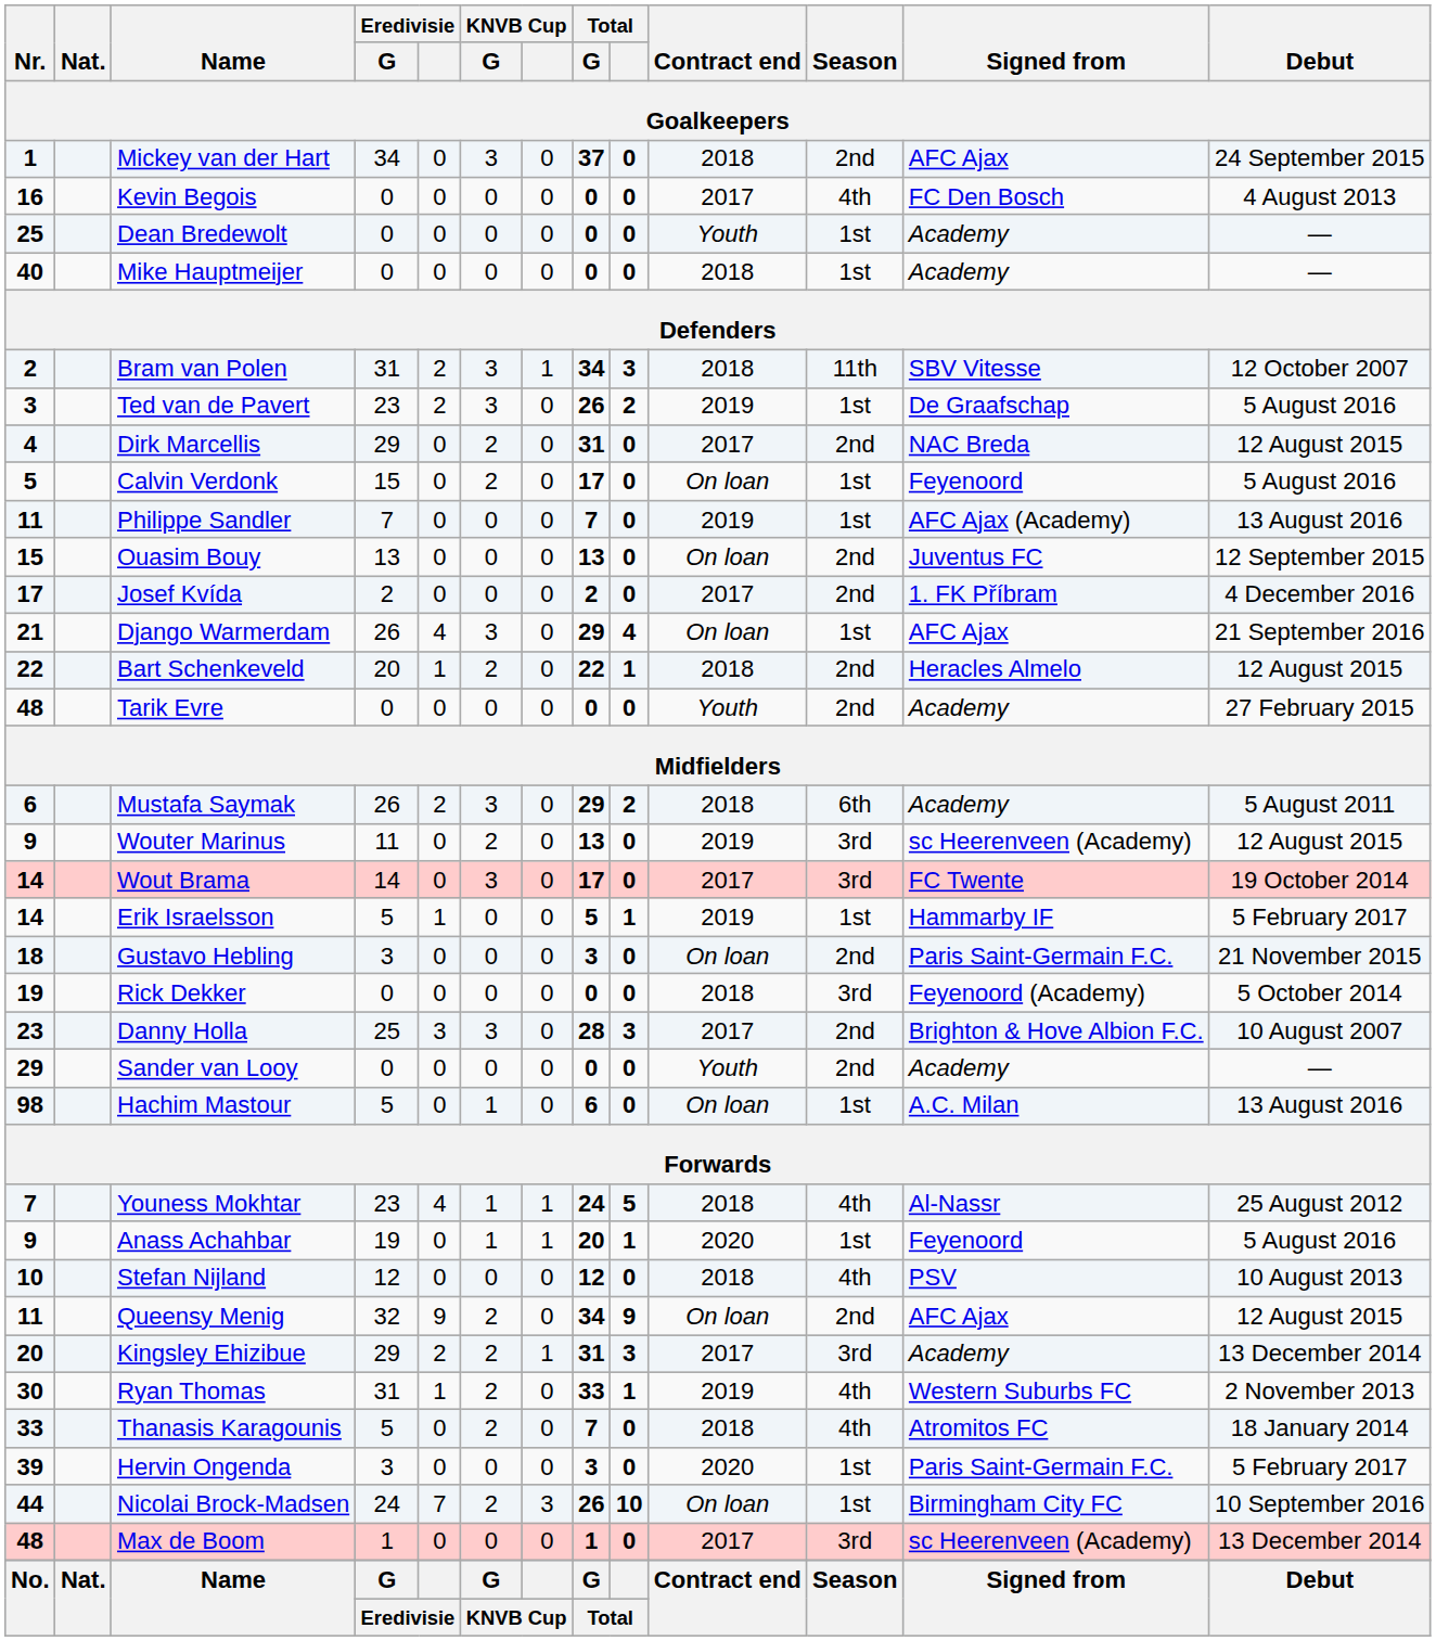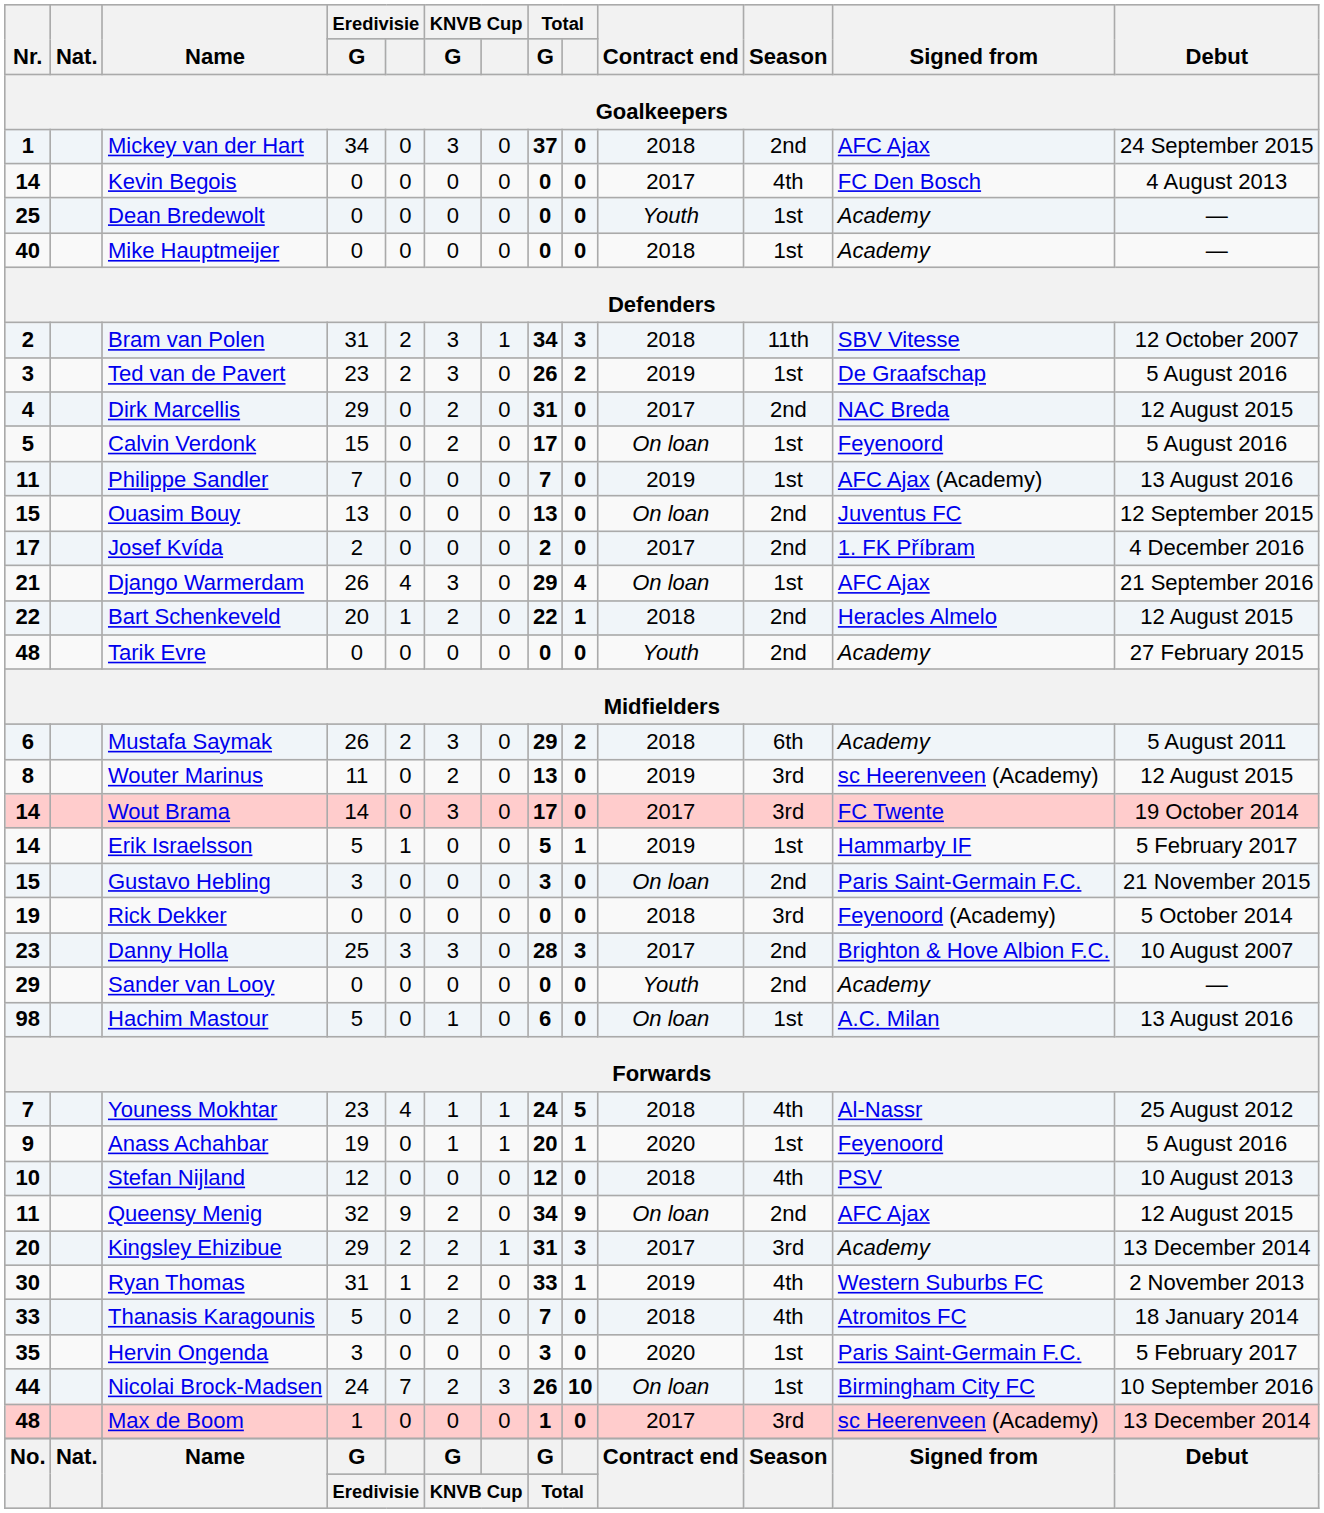 <table class="wikitable" style="font-size:85%; text-align: center;">
 <tr>
 <th rowspan="2" valign="bottom">Nr.</th>
 <th rowspan="2" valign="bottom">Nat.</th>
 <th rowspan="2" valign="bottom">Name</th>
 <th colspan="2"><small>Eredivisie</small></th>
 <th colspan="2"><small>KNVB Cup</small></th>
 <th colspan="2"><small>Total</small></th>
 <th rowspan="2" valign="bottom">Contract end</th>
 <th rowspan="2" valign="bottom">Season</th>
 <th rowspan="2" valign="bottom">Signed from</th>
 <th rowspan="2" valign="bottom">Debut</th>
 </tr>
 <tr bgcolor="#D7E5EF">
 <th>G</th>
 <th></th>
 <th>G</th>
 <th></th>
 <th>G</th>
 <th></th>
 </tr>
 <tr>
 <th colspan="15" align="left" style="padding-top:15px;">Goalkeepers</th>
 </tr>
 <tr bgcolor="#F0F5F9">
 <td><strong>1</strong></td>
 <td></td>
 <td align=left><a href='#'>Mickey van der Hart</a></td>
 <td>34</td>
 <td>0</td>
 <td>3</td>
 <td>0</td>
 <td><strong>37</strong></td>
 <td><strong>0</strong></td>
 <td>2018</td>
 <td>2nd</td>
 <td align="left"> <a href='#'>AFC Ajax</a></td>
 <td>24 September 2015</td>
 </tr>
 <tr>
-<td><strong>16</strong></td>
+<td><strong>14</strong></td>
 <td></td>
 <td align=left><a href='#'>Kevin Begois</a></td>
 <td>0</td>
 <td>0</td>
 <td>0</td>
 <td>0</td>
 <td><strong>0</strong></td>
 <td><strong>0</strong></td>
 <td>2017</td>
 <td>4th</td>
 <td align="left"> <a href='#'>FC Den Bosch</a></td>
 <td>4 August 2013</td>
 </tr>
 <tr bgcolor="#F0F5F9">
 <td><strong>25</strong></td>
 <td></td>
 <td align=left><a href='#'>Dean Bredewolt</a></td>
 <td>0</td>
 <td>0</td>
 <td>0</td>
 <td>0</td>
 <td><strong>0</strong></td>
 <td><strong>0</strong></td>
 <td><em>Youth</em></td>
 <td>1st</td>
 <td align="left"><em>Academy</em></td>
 <td>—</td>
 </tr>
 <tr>
 <td><strong>40</strong></td>
 <td></td>
 <td align=left><a href='#'>Mike Hauptmeijer</a></td>
 <td>0</td>
 <td>0</td>
 <td>0</td>
 <td>0</td>
 <td><strong>0</strong></td>
 <td><strong>0</strong></td>
 <td>2018</td>
 <td>1st</td>
 <td align="left"><em>Academy</em></td>
 <td>—</td>
 </tr>
 <tr>
 <th colspan="15" align="left" style="padding-top:15px;">Defenders</th>
 </tr>
 <tr bgcolor="#F0F5F9">
 <td><strong>2</strong></td>
 <td></td>
 <td align=left><a href='#'>Bram van Polen</a></td>
 <td>31</td>
 <td>2</td>
 <td>3</td>
 <td>1</td>
 <td><strong>34</strong></td>
 <td><strong>3</strong></td>
 <td>2018</td>
 <td>11th</td>
 <td align="left"> <a href='#'>SBV Vitesse</a></td>
 <td>12 October 2007</td>
 </tr>
 <tr>
 <td><strong>3</strong></td>
 <td></td>
 <td align=left><a href='#'>Ted van de Pavert</a></td>
 <td>23</td>
 <td>2</td>
 <td>3</td>
 <td>0</td>
 <td><strong>26</strong></td>
 <td><strong>2</strong></td>
 <td>2019</td>
 <td>1st</td>
 <td align="left"> <a href='#'>De Graafschap</a></td>
 <td>5 August 2016</td>
 </tr>
 <tr bgcolor="#F0F5F9">
 <td><strong>4</strong></td>
 <td></td>
 <td align=left><a href='#'>Dirk Marcellis</a></td>
 <td>29</td>
 <td>0</td>
 <td>2</td>
 <td>0</td>
 <td><strong>31</strong></td>
 <td><strong>0</strong></td>
 <td>2017</td>
 <td>2nd</td>
 <td align="left"> <a href='#'>NAC Breda</a></td>
 <td>12 August 2015</td>
 </tr>
 <tr>
 <td><strong>5</strong></td>
 <td></td>
 <td align=left><a href='#'>Calvin Verdonk</a></td>
 <td>15</td>
 <td>0</td>
 <td>2</td>
 <td>0</td>
 <td><strong>17</strong></td>
 <td><strong>0</strong></td>
 <td><em>On loan</em></td>
 <td>1st</td>
 <td align="left"> <a href='#'>Feyenoord</a></td>
 <td>5 August 2016</td>
 </tr>
 <tr bgcolor="#F0F5F9">
 <td><strong>11</strong></td>
 <td></td>
 <td align=left><a href='#'>Philippe Sandler</a></td>
 <td>7</td>
 <td>0</td>
 <td>0</td>
 <td>0</td>
 <td><strong>7</strong></td>
 <td><strong>0</strong></td>
 <td>2019</td>
 <td>1st</td>
 <td align="left"> <a href='#'>AFC Ajax</a> (Academy)</td>
 <td>13 August 2016</td>
 </tr>
 <tr>
 <td><strong>15</strong></td>
 <td></td>
 <td align=left><a href='#'>Ouasim Bouy</a></td>
 <td>13</td>
 <td>0</td>
 <td>0</td>
 <td>0</td>
 <td><strong>13</strong></td>
 <td><strong>0</strong></td>
 <td><em>On loan</em></td>
 <td>2nd</td>
 <td align="left"> <a href='#'>Juventus FC</a></td>
 <td>12 September 2015</td>
 </tr>
 <tr bgcolor="#F0F5F9">
 <td><strong>17</strong></td>
 <td></td>
 <td align=left><a href='#'>Josef Kvída</a></td>
 <td>2</td>
 <td>0</td>
 <td>0</td>
 <td>0</td>
 <td><strong>2</strong></td>
 <td><strong>0</strong></td>
 <td>2017</td>
 <td>2nd</td>
 <td align="left"> <a href='#'>1. FK Příbram</a></td>
 <td>4 December 2016</td>
 </tr>
 <tr>
 <td><strong>21</strong></td>
 <td></td>
 <td align=left><a href='#'>Django Warmerdam</a></td>
 <td>26</td>
 <td>4</td>
 <td>3</td>
 <td>0</td>
 <td><strong>29</strong></td>
 <td><strong>4</strong></td>
 <td><em>On loan</em></td>
 <td>1st</td>
 <td align="left"> <a href='#'>AFC Ajax</a></td>
 <td>21 September 2016</td>
 </tr>
 <tr bgcolor="#F0F5F9">
 <td><strong>22</strong></td>
 <td></td>
 <td align=left><a href='#'>Bart Schenkeveld</a></td>
 <td>20</td>
 <td>1</td>
 <td>2</td>
 <td>0</td>
 <td><strong>22</strong></td>
 <td><strong>1</strong></td>
 <td>2018</td>
 <td>2nd</td>
 <td align="left"> <a href='#'>Heracles Almelo</a></td>
 <td>12 August 2015</td>
 </tr>
 <tr>
 <td><strong>48</strong></td>
 <td></td>
 <td align=left><a href='#'>Tarik Evre</a></td>
 <td>0</td>
 <td>0</td>
 <td>0</td>
 <td>0</td>
 <td><strong>0</strong></td>
 <td><strong>0</strong></td>
 <td><em>Youth</em></td>
 <td>2nd</td>
 <td align="left"><em>Academy</em></td>
 <td>27 February 2015</td>
 </tr>
 <tr>
 <th colspan="15" align="left" style="padding-top:15px;">Midfielders</th>
 </tr>
 <tr bgcolor="#F0F5F9">
 <td><strong>6</strong></td>
 <td></td>
 <td align=left><a href='#'>Mustafa Saymak</a></td>
 <td>26</td>
 <td>2</td>
 <td>3</td>
 <td>0</td>
 <td><strong>29</strong></td>
 <td><strong>2</strong></td>
 <td>2018</td>
 <td>6th</td>
 <td align="left"><em>Academy</em></td>
 <td>5 August 2011</td>
 </tr>
 <tr>
-<td><strong>9</strong></td>
+<td><strong>8</strong></td>
 <td></td>
 <td align=left><a href='#'>Wouter Marinus</a></td>
 <td>11</td>
 <td>0</td>
 <td>2</td>
 <td>0</td>
 <td><strong>13</strong></td>
 <td><strong>0</strong></td>
 <td>2019</td>
 <td>3rd</td>
 <td align="left"> <a href='#'>sc Heerenveen</a> (Academy)</td>
 <td>12 August 2015</td>
 </tr>
 <tr bgcolor="#FFCCCC">
 <td><strong>14</strong></td>
 <td></td>
 <td align=left><a href='#'>Wout Brama</a></td>
 <td>14</td>
 <td>0</td>
 <td>3</td>
 <td>0</td>
 <td><strong>17</strong></td>
 <td><strong>0</strong></td>
 <td>2017</td>
 <td>3rd</td>
 <td align="left"> <a href='#'>FC Twente</a></td>
 <td>19 October 2014</td>
 </tr>
 <tr>
 <td><strong>14</strong></td>
 <td></td>
 <td align=left><a href='#'>Erik Israelsson</a></td>
 <td>5</td>
 <td>1</td>
 <td>0</td>
 <td>0</td>
 <td><strong>5</strong></td>
 <td><strong>1</strong></td>
 <td>2019</td>
 <td>1st</td>
 <td align="left"> <a href='#'>Hammarby IF</a></td>
 <td>5 February 2017</td>
 </tr>
 <tr bgcolor="#F0F5F9">
-<td><strong>18</strong></td>
+<td><strong>15</strong></td>
 <td></td>
 <td align=left><a href='#'>Gustavo Hebling</a></td>
 <td>3</td>
 <td>0</td>
 <td>0</td>
 <td>0</td>
 <td><strong>3</strong></td>
 <td><strong>0</strong></td>
 <td><em>On loan</em></td>
 <td>2nd</td>
 <td align="left"> <a href='#'>Paris Saint-Germain F.C.</a></td>
 <td>21 November 2015</td>
 </tr>
 <tr>
 <td><strong>19</strong></td>
 <td></td>
 <td align=left><a href='#'>Rick Dekker</a></td>
 <td>0</td>
 <td>0</td>
 <td>0</td>
 <td>0</td>
 <td><strong>0</strong></td>
 <td><strong>0</strong></td>
 <td>2018</td>
 <td>3rd</td>
 <td align="left"> <a href='#'>Feyenoord</a> (Academy)</td>
 <td>5 October 2014</td>
 </tr>
 <tr bgcolor="#F0F5F9">
 <td><strong>23</strong></td>
 <td></td>
 <td align=left><a href='#'>Danny Holla</a></td>
 <td>25</td>
 <td>3</td>
 <td>3</td>
 <td>0</td>
 <td><strong>28</strong></td>
 <td><strong>3</strong></td>
 <td>2017</td>
 <td>2nd</td>
 <td align="left"> <a href='#'>Brighton & Hove Albion F.C.</a></td>
 <td>10 August 2007</td>
 </tr>
 <tr>
 <td><strong>29</strong></td>
 <td></td>
 <td align=left><a href='#'>Sander van Looy</a></td>
 <td>0</td>
 <td>0</td>
 <td>0</td>
 <td>0</td>
 <td><strong>0</strong></td>
 <td><strong>0</strong></td>
 <td><em>Youth</em></td>
 <td>2nd</td>
 <td align="left"><em>Academy</em></td>
 <td>—</td>
 </tr>
 <tr bgcolor="#F0F5F9">
 <td><strong>98</strong></td>
 <td></td>
 <td align=left><a href='#'>Hachim Mastour</a></td>
 <td>5</td>
 <td>0</td>
 <td>1</td>
 <td>0</td>
 <td><strong>6</strong></td>
 <td><strong>0</strong></td>
 <td><em>On loan</em></td>
 <td>1st</td>
 <td align="left"> <a href='#'>A.C. Milan</a></td>
 <td>13 August 2016</td>
 </tr>
 <tr>
 <th colspan="15" align="left" style="padding-top:15px;">Forwards</th>
 </tr>
 <tr bgcolor="#F0F5F9">
 <td><strong>7</strong></td>
 <td></td>
 <td align=left><a href='#'>Youness Mokhtar</a></td>
 <td>23</td>
 <td>4</td>
 <td>1</td>
 <td>1</td>
 <td><strong>24</strong></td>
 <td><strong>5</strong></td>
 <td>2018</td>
 <td>4th</td>
 <td align="left"> <a href='#'>Al-Nassr</a></td>
 <td>25 August 2012</td>
 </tr>
 <tr>
 <td><strong>9</strong></td>
 <td></td>
 <td align=left><a href='#'>Anass Achahbar</a></td>
 <td>19</td>
 <td>0</td>
 <td>1</td>
 <td>1</td>
 <td><strong>20</strong></td>
 <td><strong>1</strong></td>
 <td>2020</td>
 <td>1st</td>
 <td align="left"> <a href='#'>Feyenoord</a></td>
 <td>5 August 2016</td>
 </tr>
 <tr bgcolor="#F0F5F9">
 <td><strong>10</strong></td>
 <td></td>
 <td align=left><a href='#'>Stefan Nijland</a></td>
 <td>12</td>
 <td>0</td>
 <td>0</td>
 <td>0</td>
 <td><strong>12</strong></td>
 <td><strong>0</strong></td>
 <td>2018</td>
 <td>4th</td>
 <td align="left"> <a href='#'>PSV</a></td>
 <td>10 August 2013</td>
 </tr>
 <tr>
 <td><strong>11</strong></td>
 <td></td>
 <td align=left><a href='#'>Queensy Menig</a></td>
 <td>32</td>
 <td>9</td>
 <td>2</td>
 <td>0</td>
 <td><strong>34</strong></td>
 <td><strong>9</strong></td>
 <td><em>On loan</em></td>
 <td>2nd</td>
 <td align="left"> <a href='#'>AFC Ajax</a></td>
 <td>12 August 2015</td>
 </tr>
 <tr bgcolor="#F0F5F9">
 <td><strong>20</strong></td>
 <td></td>
 <td align=left><a href='#'>Kingsley Ehizibue</a></td>
 <td>29</td>
 <td>2</td>
 <td>2</td>
 <td>1</td>
 <td><strong>31</strong></td>
 <td><strong>3</strong></td>
 <td>2017</td>
 <td>3rd</td>
 <td align="left"><em>Academy</em></td>
 <td>13 December 2014</td>
 </tr>
 <tr>
 <td><strong>30</strong></td>
 <td></td>
 <td align=left><a href='#'>Ryan Thomas</a></td>
 <td>31</td>
 <td>1</td>
 <td>2</td>
 <td>0</td>
 <td><strong>33</strong></td>
 <td><strong>1</strong></td>
 <td>2019</td>
 <td>4th</td>
 <td align="left"> <a href='#'>Western Suburbs FC</a></td>
 <td>2 November 2013</td>
 </tr>
 <tr bgcolor="#F0F5F9">
 <td><strong>33</strong></td>
 <td></td>
 <td align=left><a href='#'>Thanasis Karagounis</a></td>
 <td>5</td>
 <td>0</td>
 <td>2</td>
 <td>0</td>
 <td><strong>7</strong></td>
 <td><strong>0</strong></td>
 <td>2018</td>
 <td>4th</td>
 <td align="left"> <a href='#'>Atromitos FC</a></td>
 <td>18 January 2014</td>
 </tr>
 <tr>
-<td><strong>39</strong></td>
+<td><strong>35</strong></td>
 <td></td>
 <td align=left><a href='#'>Hervin Ongenda</a></td>
 <td>3</td>
 <td>0</td>
 <td>0</td>
 <td>0</td>
 <td><strong>3</strong></td>
 <td><strong>0</strong></td>
 <td>2020</td>
 <td>1st</td>
 <td align="left"> <a href='#'>Paris Saint-Germain F.C.</a></td>
 <td>5 February 2017</td>
 </tr>
 <tr bgcolor="#F0F5F9">
 <td><strong>44</strong></td>
 <td></td>
 <td align=left><a href='#'>Nicolai Brock-Madsen</a></td>
 <td>24</td>
 <td>7</td>
 <td>2</td>
 <td>3</td>
 <td><strong>26</strong></td>
 <td><strong>10</strong></td>
 <td><em>On loan</em></td>
 <td>1st</td>
 <td align="left"> <a href='#'>Birmingham City FC</a></td>
 <td>10 September 2016</td>
 </tr>
 <tr bgcolor="#FFCCCC">
 <td><strong>48</strong></td>
 <td></td>
 <td align=left><a href='#'>Max de Boom</a></td>
 <td>1</td>
 <td>0</td>
 <td>0</td>
 <td>0</td>
 <td><strong>1</strong></td>
 <td><strong>0</strong></td>
 <td>2017</td>
 <td>3rd</td>
 <td align="left"> <a href='#'>sc Heerenveen</a> (Academy)</td>
 <td>13 December 2014</td>
 </tr>
 <tr bgcolor="#F0F5F9">
 </tr>
 <tr bgcolor="#D7E5EF">
 <th rowspan="2" valign="top">No.</th>
 <th rowspan="2" valign="top">Nat.</th>
 <th rowspan="2" valign="top">Name</th>
 <th>G</th>
 <th></th>
 <th>G</th>
 <th></th>
 <th>G</th>
 <th></th>
 <th rowspan="2" valign="top">Contract end</th>
 <th rowspan="2" valign="top">Season</th>
 <th rowspan="2" valign="top">Signed from</th>
 <th rowspan="2" valign="top">Debut</th>
 </tr>
 <tr bgcolor="#D7E5EF">
 <th colspan="2"><small>Eredivisie</small></th>
 <th colspan="2"><small>KNVB Cup</small></th>
 <th colspan="2"><small>Total</small></th>
 </tr>
 </table>
